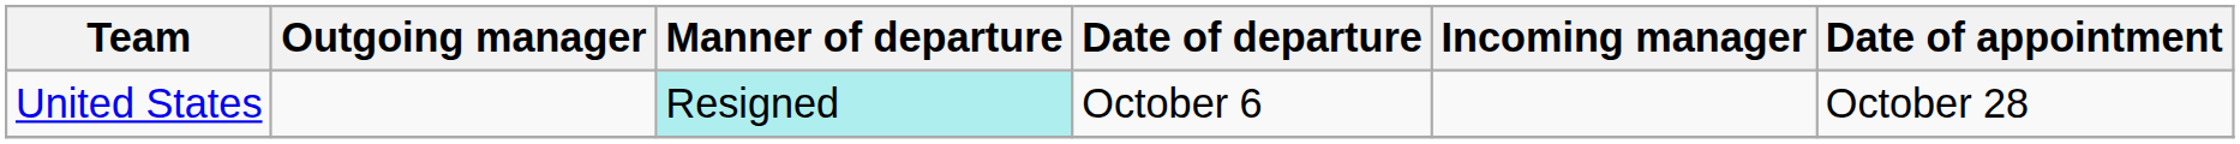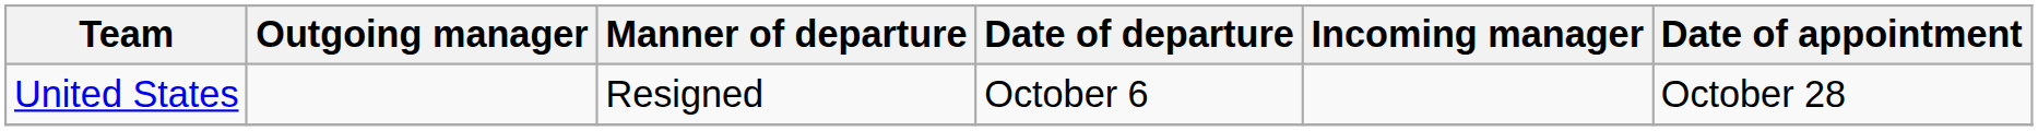 <table class="wikitable sortable">
 <tr>
 <th>Team</th>
 <th>Outgoing manager</th>
 <th>Manner of departure</th>
 <th>Date of departure</th>
 <th>Incoming manager</th>
 <th>Date of appointment</th>
 </tr>
 <tr>
 <td><a href='#'>United States</a></td>
 <td> </td>
-<td style="background: paleturquoise;">Resigned</td>
+<td>Resigned</td>
 <td>October 6</td>
 <td> </td>
 <td>October 28</td>
 </tr>
 <tr>
 </tr>
 </table>
